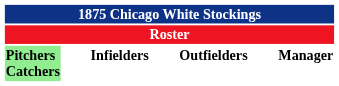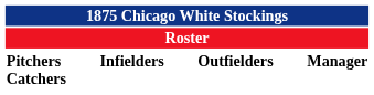 <table class="toccolours" style="font-size: 95%;">
 <tr>
 <th colspan="10" style="background-color: #0e3386; color: white; text-align: center;">1875 Chicago White Stockings</th>
 </tr>
 <tr>
 <td colspan="10" style="background-color: #EE1422; color: white; text-align: center;"><strong>Roster</strong></td>
 </tr>
 <tr>
-<td valign="top" style="background: lightgreen;"><strong>Pitchers</strong><br>   <strong>Catchers</strong>   </td>
+<td valign="top"><strong>Pitchers</strong><br>   <strong>Catchers</strong>   </td>
 <td width="25px"></td>
 <td valign="top"><strong>Infielders</strong><br>       </td>
 <td width="25px"></td>
 <td valign="top"><strong>Outfielders</strong><br>   </td>
 <td width="25px"></td>
 <td valign="top"><strong>Manager</strong><br></td>
 </tr>
 <tr>
 </tr>
 </table>
